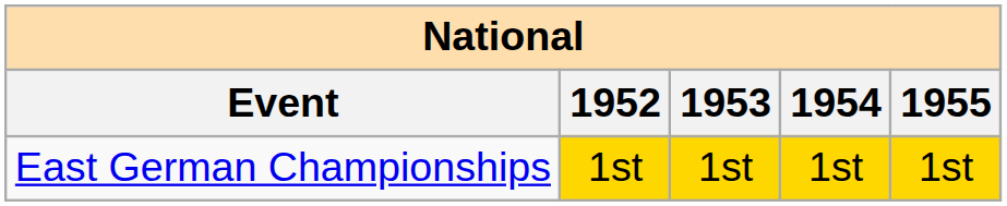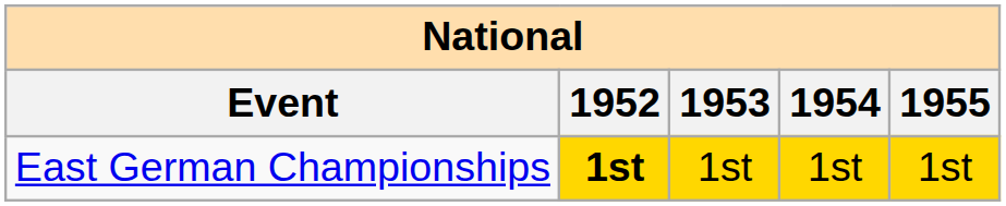 <table class="wikitable" style="text-align:center">
 <tr>
 <th style="background-color: #ffdead; " colspan=5 align=center>National</th>
 </tr>
 <tr>
 <th>Event</th>
 <th>1952</th>
 <th>1953</th>
 <th>1954</th>
 <th>1955</th>
 </tr>
 <tr>
 <td align=left><a href='#'>East German Championships</a></td>
-<td bgcolor=gold>1st</td>
+<td bgcolor=gold><strong>1st</strong></td>
 <td bgcolor=gold>1st</td>
 <td bgcolor=gold>1st</td>
 <td bgcolor=gold>1st</td>
 </tr>
 </table>
